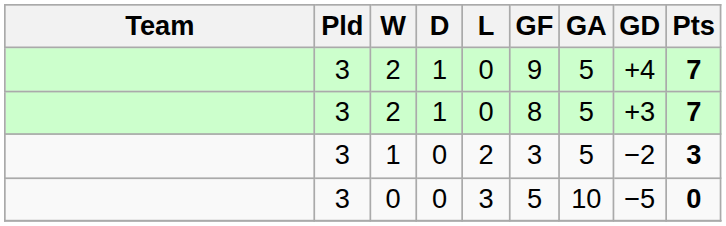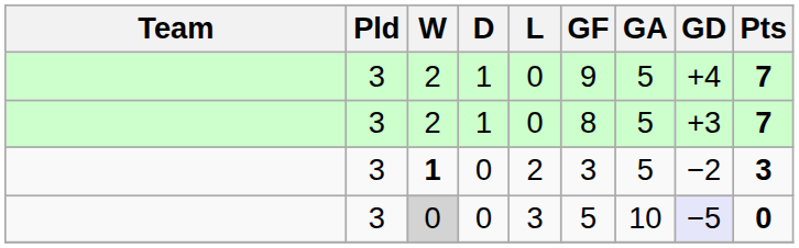 <table class="wikitable" style="text-align: center;">
 <tr>
 <th width="175">Team</th>
 <th width="20">Pld</th>
 <th width="20">W</th>
 <th width="20">D</th>
 <th width="20">L</th>
 <th width="20">GF</th>
 <th width="20">GA</th>
 <th width="20">GD</th>
 <th width="20">Pts</th>
 </tr>
 <tr bgcolor="#ccffcc">
 <td align=left></td>
 <td>3</td>
 <td>2</td>
 <td>1</td>
 <td>0</td>
 <td>9</td>
 <td>5</td>
 <td>+4</td>
 <td><strong>7</strong></td>
 </tr>
 <tr bgcolor="#ccffcc">
 <td align=left></td>
 <td>3</td>
 <td>2</td>
 <td>1</td>
 <td>0</td>
 <td>8</td>
 <td>5</td>
 <td>+3</td>
 <td><strong>7</strong></td>
 </tr>
 <tr>
 <td align=left></td>
 <td>3</td>
-<td>1</td>
+<td><strong>1</strong></td>
 <td>0</td>
 <td>2</td>
 <td>3</td>
 <td>5</td>
 <td>−2</td>
 <td><strong>3</strong></td>
 </tr>
 <tr>
 <td align=left></td>
 <td>3</td>
-<td>0</td>
+<td style="background: lightgrey;">0</td>
 <td>0</td>
 <td>3</td>
 <td>5</td>
 <td>10</td>
-<td>−5</td>
+<td style="background: lavender;">−5</td>
 <td><strong>0</strong></td>
 </tr>
 <tr>
 </tr>
 </table>
